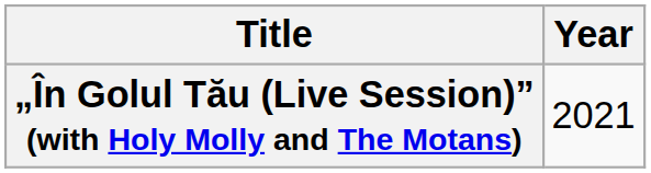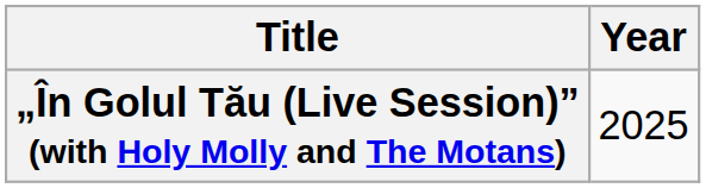 <table class="wikitable plainrowheaders" style="text-align:center;">
 <tr>
 <th>Title</th>
 <th>Year</th>
 </tr>
 <tr>
 <th scope="row">„În Golul Tău (Live Session)”<br><small>(with <a href='#'>Holy Molly</a> and <a href='#'>The Motans</a>)</small></th>
-<td>2021</td>
+<td>2025</td>
 </tr>
 </table>
